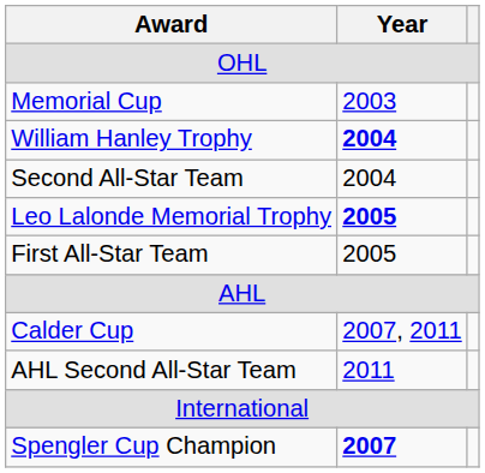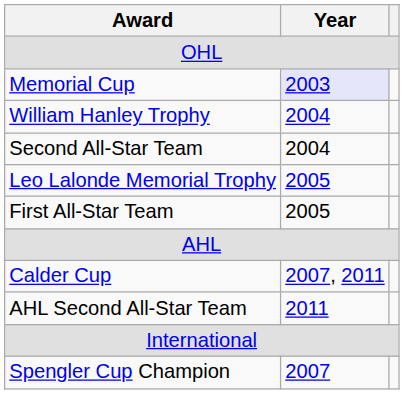 <table class="wikitable">
 <tr>
 <th>Award</th>
 <th>Year</th>
 <th></th>
 </tr>
 <tr ALIGN="center" bgcolor="#e0e0e0">
 <td colspan="3"><a href='#'>OHL</a></td>
 </tr>
 <tr>
 <td><a href='#'>Memorial Cup</a></td>
-<td><a href='#'>2003</a></td>
+<td style="background: lavender;"><a href='#'>2003</a></td>
 <td></td>
 </tr>
 <tr>
 <td><a href='#'>William Hanley Trophy</a></td>
-<td><strong><a href='#'>2004</a></strong></td>
+<td><a href='#'>2004</a></td>
 <td></td>
 </tr>
 <tr>
 <td>Second All-Star Team</td>
 <td>2004</td>
 <td></td>
 </tr>
 <tr>
 <td><a href='#'>Leo Lalonde Memorial Trophy</a></td>
-<td><strong><a href='#'>2005</a></strong></td>
+<td><a href='#'>2005</a></td>
 <td></td>
 </tr>
 <tr>
 <td>First All-Star Team</td>
 <td>2005</td>
 <td></td>
 </tr>
 <tr ALIGN="center" bgcolor="#e0e0e0">
 <td colspan="3"><a href='#'>AHL</a></td>
 </tr>
 <tr>
 <td><a href='#'>Calder Cup</a></td>
 <td><a href='#'>2007</a>, <a href='#'>2011</a></td>
 <td></td>
 </tr>
 <tr>
 <td>AHL Second All-Star Team</td>
 <td><a href='#'>2011</a></td>
 <td></td>
 </tr>
 <tr ALIGN="center" bgcolor="#e0e0e0">
 <td colspan="3"><a href='#'>International</a></td>
 </tr>
 <tr>
 <td><a href='#'>Spengler Cup</a> Champion</td>
-<td><strong><a href='#'>2007</a></strong></td>
+<td><a href='#'>2007</a></td>
 <td></td>
 </tr>
 </table>
